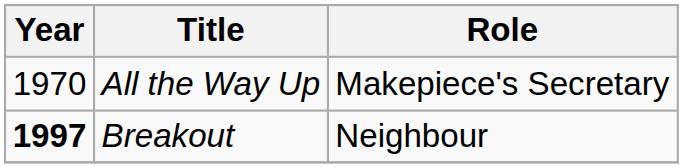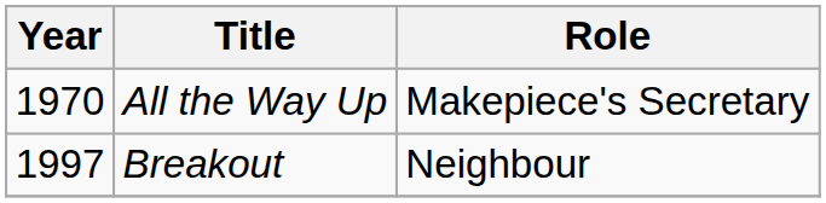 <table class="wikitable sortable" style="font-size: 100%;">
 <tr>
 <th>Year</th>
 <th>Title</th>
 <th>Role</th>
 </tr>
 <tr>
 <td>1970</td>
 <td><em>All the Way Up</em></td>
 <td>Makepiece's Secretary</td>
 </tr>
 <tr>
-<td><strong>1997</strong></td>
+<td>1997</td>
 <td><em>Breakout</em></td>
 <td>Neighbour</td>
 </tr>
 <tr>
 </tr>
 </table>
